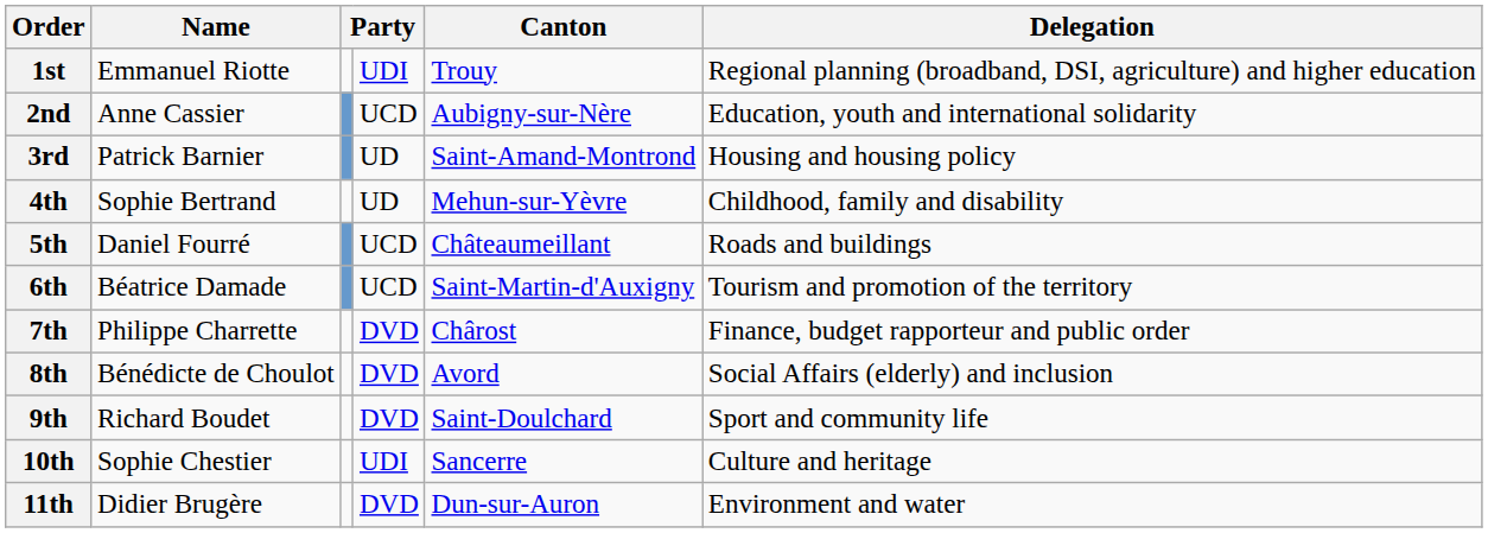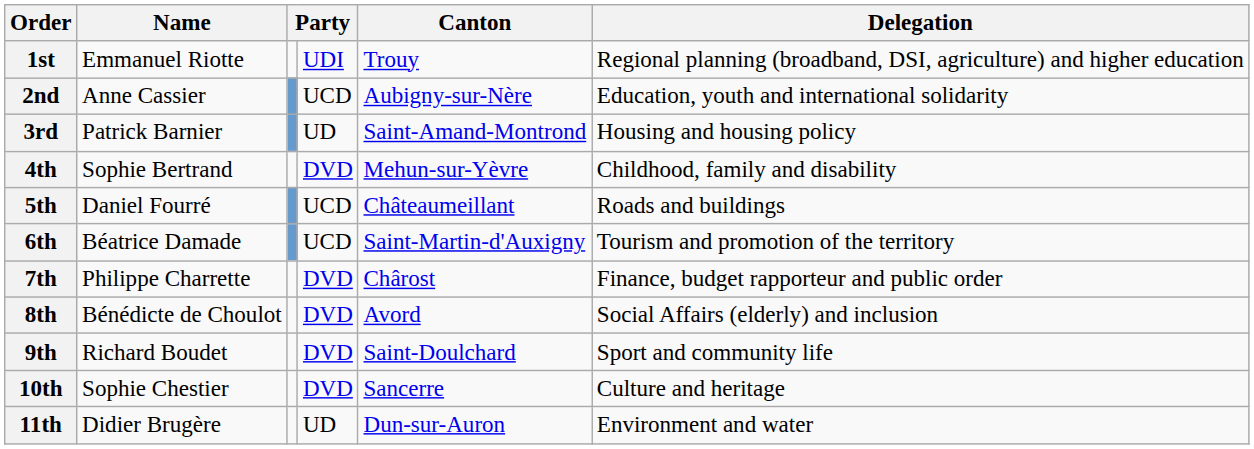 <table class="wikitable">
 <tr>
 <th>Order</th>
 <th>Name</th>
 <th colspan="2">Party</th>
 <th>Canton</th>
 <th>Delegation</th>
 </tr>
 <tr>
 <th>1st</th>
 <td>Emmanuel Riotte</td>
 <td style="color:inherit;background:"></td>
 <td><a href='#'>UDI</a></td>
 <td><a href='#'>Trouy</a></td>
 <td>Regional planning (broadband, DSI, agriculture) and higher education</td>
 </tr>
 <tr>
 <th>2nd</th>
 <td>Anne Cassier</td>
 <td style="color:inherit;background:#6699CC"></td>
 <td>UCD</td>
 <td><a href='#'>Aubigny-sur-Nère</a></td>
 <td>Education, youth and international solidarity</td>
 </tr>
 <tr>
 <th>3rd</th>
 <td>Patrick Barnier</td>
 <td style="color:inherit;background:#6699CC"></td>
 <td>UD</td>
 <td><a href='#'>Saint-Amand-Montrond</a></td>
 <td>Housing and housing policy</td>
 </tr>
 <tr>
 <th>4th</th>
 <td>Sophie Bertrand</td>
 <td style="color:inherit;background:"></td>
-<td>UD</td>
+<td><a href='#'>DVD</a></td>
 <td><a href='#'>Mehun-sur-Yèvre</a></td>
 <td>Childhood, family and disability</td>
 </tr>
 <tr>
 <th>5th</th>
 <td>Daniel Fourré</td>
 <td style="color:inherit;background:#6699CC"></td>
 <td>UCD</td>
 <td><a href='#'>Châteaumeillant</a></td>
 <td>Roads and buildings</td>
 </tr>
 <tr>
 <th>6th</th>
 <td>Béatrice Damade</td>
 <td style="color:inherit;background:#6699CC"></td>
 <td>UCD</td>
 <td><a href='#'>Saint-Martin-d'Auxigny</a></td>
 <td>Tourism and promotion of the territory</td>
 </tr>
 <tr>
 <th>7th</th>
 <td>Philippe Charrette</td>
 <td style="color:inherit;background:"></td>
 <td><a href='#'>DVD</a></td>
 <td><a href='#'>Chârost</a></td>
 <td>Finance, budget rapporteur and public order</td>
 </tr>
 <tr>
 <th>8th</th>
 <td>Bénédicte de Choulot</td>
 <td style="color:inherit;background:"></td>
 <td><a href='#'>DVD</a></td>
 <td><a href='#'>Avord</a></td>
 <td>Social Affairs (elderly) and inclusion</td>
 </tr>
 <tr>
 <th>9th</th>
 <td>Richard Boudet</td>
 <td style="color:inherit;background:"></td>
 <td><a href='#'>DVD</a></td>
 <td><a href='#'>Saint-Doulchard</a></td>
 <td>Sport and community life</td>
 </tr>
 <tr>
 <th>10th</th>
 <td>Sophie Chestier</td>
 <td style="color:inherit;background:"></td>
-<td><a href='#'>UDI</a></td>
+<td><a href='#'>DVD</a></td>
 <td><a href='#'>Sancerre</a></td>
 <td>Culture and heritage</td>
 </tr>
 <tr>
 <th>11th</th>
 <td>Didier Brugère</td>
 <td style="color:inherit;background:"></td>
-<td><a href='#'>DVD</a></td>
+<td>UD</td>
 <td><a href='#'>Dun-sur-Auron</a></td>
 <td>Environment and water</td>
 </tr>
 </table>
